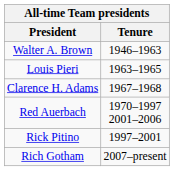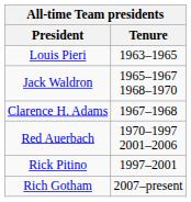 <table class="wikitable" style="text-align:center">
 <tr>
 <th colspan="2">All-time Team presidents</th>
 </tr>
 <tr>
 <th>President</th>
 <th>Tenure</th>
 </tr>
 <tr>
-<td><a href='#'>Walter A. Brown</a></td>
-<td>1946–1963</td>
+<td><a href='#'>Louis Pieri</a></td>
+<td>1963–1965</td>
 </tr>
 <tr>
-<td><a href='#'>Louis Pieri</a></td>
-<td>1963–1965</td>
+<td><a href='#'>Jack Waldron</a></td>
+<td>1965–1967<br>1968–1970</td>
 </tr>
 <tr>
 <td><a href='#'>Clarence H. Adams</a></td>
 <td>1967–1968</td>
 </tr>
 <tr>
 <td><a href='#'>Red Auerbach</a></td>
 <td>1970–1997<br>2001–2006</td>
 </tr>
 <tr>
 <td><a href='#'>Rick Pitino</a></td>
 <td>1997–2001</td>
 </tr>
 <tr>
 <td><a href='#'>Rich Gotham</a></td>
 <td>2007–present</td>
 </tr>
 </table>
